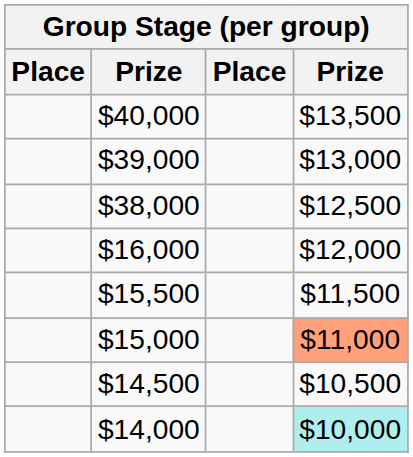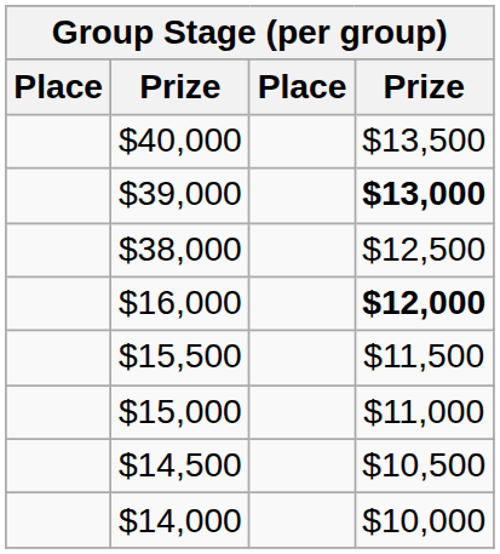 <table class="wikitable" style="text-align:center; margin-top:0px;">
 <tr>
 <th colspan=8>Group Stage (per group)</th>
 </tr>
 <tr>
 <th>Place</th>
 <th>Prize </th>
 <th>Place</th>
 <th>Prize </th>
 </tr>
 <tr>
 <td></td>
 <td>$40,000</td>
 <td></td>
 <td>$13,500</td>
 </tr>
 <tr>
 <td></td>
 <td>$39,000</td>
 <td></td>
-<td>$13,000</td>
+<td><strong>$13,000</strong></td>
 </tr>
 <tr>
 <td></td>
 <td>$38,000</td>
 <td></td>
 <td>$12,500</td>
 </tr>
 <tr>
 <td></td>
 <td>$16,000</td>
 <td></td>
-<td>$12,000</td>
+<td><strong>$12,000</strong></td>
 </tr>
 <tr>
 <td></td>
 <td>$15,500</td>
 <td></td>
 <td>$11,500</td>
 </tr>
 <tr>
 <td></td>
 <td>$15,000</td>
 <td></td>
-<td style="background: lightsalmon;">$11,000</td>
+<td>$11,000</td>
 </tr>
 <tr>
 <td></td>
 <td>$14,500</td>
 <td></td>
 <td>$10,500</td>
 </tr>
 <tr>
 <td></td>
 <td>$14,000</td>
 <td></td>
-<td style="background: paleturquoise;">$10,000</td>
+<td>$10,000</td>
 </tr>
 </table>
